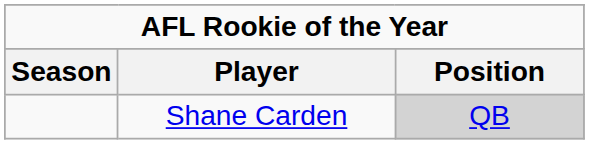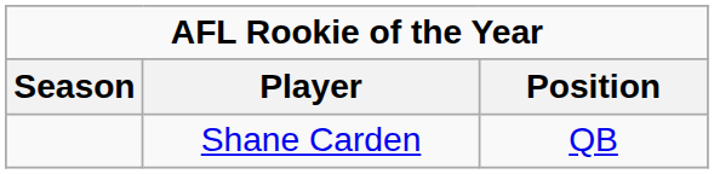 <table class="wikitable sortable" style="text-align:center">
 <tr>
 <td colspan="4"><strong>AFL Rookie of the Year</strong></td>
 </tr>
 <tr>
 <th style="width:50px; ">Season</th>
 <th style="width:150px; ">Player</th>
 <th style="width:100px; ">Position</th>
 </tr>
 <tr>
 <td></td>
 <td><a href='#'>Shane Carden</a></td>
-<td style="background: lightgrey;"><a href='#'>QB</a></td>
+<td><a href='#'>QB</a></td>
 </tr>
 </table>
